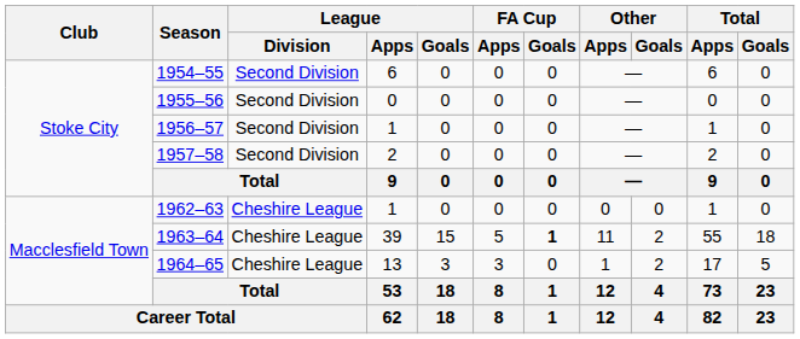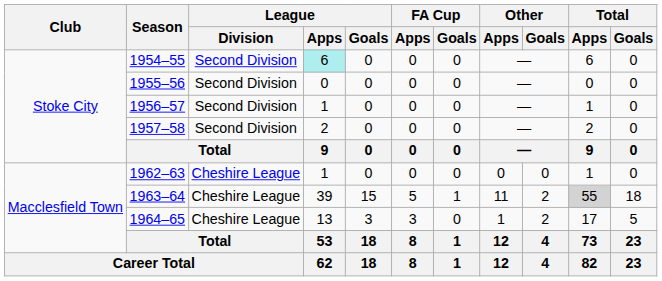 <table class="wikitable" style="text-align: center;">
 <tr>
 <th rowspan="2">Club</th>
 <th rowspan="2">Season</th>
 <th colspan="3">League</th>
 <th colspan="2">FA Cup</th>
 <th colspan="2">Other</th>
 <th colspan="2">Total</th>
 </tr>
 <tr>
 <th>Division</th>
 <th>Apps</th>
 <th>Goals</th>
 <th>Apps</th>
 <th>Goals</th>
 <th>Apps</th>
 <th>Goals</th>
 <th>Apps</th>
 <th>Goals</th>
 </tr>
 <tr>
 <td rowspan=5><a href='#'>Stoke City</a></td>
 <td><a href='#'>1954–55</a></td>
 <td><a href='#'>Second Division</a></td>
-<td>6</td>
+<td style="background: paleturquoise;">6</td>
 <td>0</td>
 <td>0</td>
 <td>0</td>
 <td colspan="2">—</td>
 <td>6</td>
 <td>0</td>
 </tr>
 <tr>
 <td><a href='#'>1955–56</a></td>
 <td>Second Division</td>
 <td>0</td>
 <td>0</td>
 <td>0</td>
 <td>0</td>
 <td colspan="2">—</td>
 <td>0</td>
 <td>0</td>
 </tr>
 <tr>
 <td><a href='#'>1956–57</a></td>
 <td>Second Division</td>
 <td>1</td>
 <td>0</td>
 <td>0</td>
 <td>0</td>
 <td colspan="2">—</td>
 <td>1</td>
 <td>0</td>
 </tr>
 <tr>
 <td><a href='#'>1957–58</a></td>
 <td>Second Division</td>
 <td>2</td>
 <td>0</td>
 <td>0</td>
 <td>0</td>
 <td colspan="2">—</td>
 <td>2</td>
 <td>0</td>
 </tr>
 <tr>
 <th colspan=2>Total</th>
 <th>9</th>
 <th>0</th>
 <th>0</th>
 <th>0</th>
 <th colspan="2">—</th>
 <th>9</th>
 <th>0</th>
 </tr>
 <tr>
 <td rowspan=4><a href='#'>Macclesfield Town</a></td>
 <td><a href='#'>1962–63</a></td>
 <td><a href='#'>Cheshire League</a></td>
 <td>1</td>
 <td>0</td>
 <td>0</td>
 <td>0</td>
 <td>0</td>
 <td>0</td>
 <td>1</td>
 <td>0</td>
 </tr>
 <tr>
 <td><a href='#'>1963–64</a></td>
 <td>Cheshire League</td>
 <td>39</td>
 <td>15</td>
 <td>5</td>
-<td><strong>1</strong></td>
+<td>1</td>
 <td>11</td>
 <td>2</td>
-<td>55</td>
+<td style="background: lightgrey;">55</td>
 <td>18</td>
 </tr>
 <tr>
 <td><a href='#'>1964–65</a></td>
 <td>Cheshire League</td>
 <td>13</td>
 <td>3</td>
 <td>3</td>
 <td>0</td>
 <td>1</td>
 <td>2</td>
 <td>17</td>
 <td>5</td>
 </tr>
 <tr>
 <th colspan=2>Total</th>
 <th>53</th>
 <th>18</th>
 <th>8</th>
 <th>1</th>
 <th>12</th>
 <th>4</th>
 <th>73</th>
 <th>23</th>
 </tr>
 <tr>
 <th colspan="3">Career Total</th>
 <th>62</th>
 <th>18</th>
 <th>8</th>
 <th>1</th>
 <th>12</th>
 <th>4</th>
 <th>82</th>
 <th>23</th>
 </tr>
 </table>
